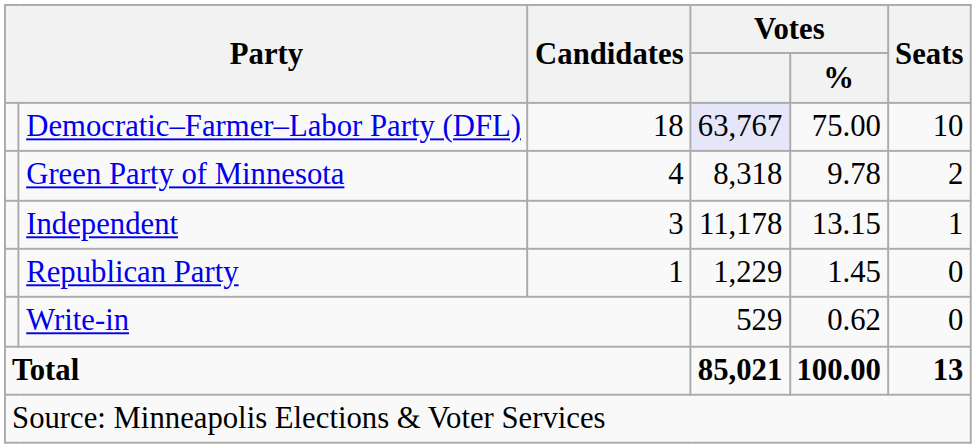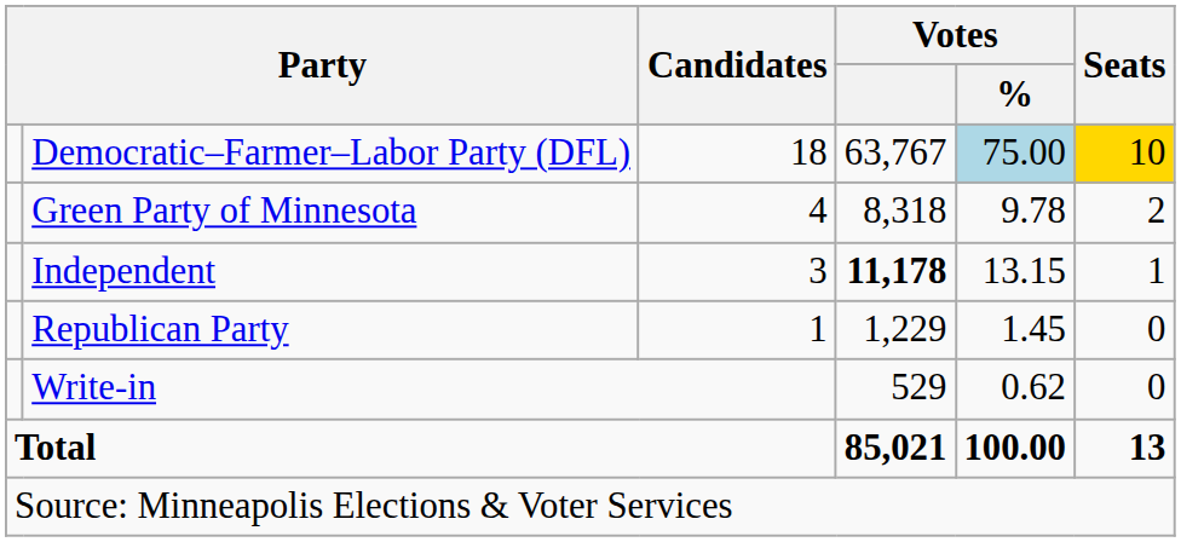 <table class="wikitable">
 <tr>
 <th colspan="2" rowspan="2">Party</th>
 <th rowspan="2">Candidates</th>
 <th colspan="2">Votes</th>
 <th rowspan="2">Seats</th>
 </tr>
 <tr>
 <th></th>
 <th>%</th>
 </tr>
 <tr>
 <td style="background-color:"></td>
 <td><a href='#'>Democratic–Farmer–Labor Party (DFL)</a></td>
 <td align="right">18</td>
-<td align="right" style="background: lavender;">63,767</td>
-<td align="right">75.00</td>
-<td align="right">10</td>
+<td align="right">63,767</td>
+<td align="right" style="background: lightblue;">75.00</td>
+<td align="right" style="background: gold;">10</td>
 </tr>
 <tr>
 <td style="background-color:"></td>
 <td><a href='#'>Green Party of Minnesota</a></td>
 <td align="right">4</td>
 <td align="right">8,318</td>
 <td align="right">9.78</td>
 <td align="right">2</td>
 </tr>
 <tr>
 <td style="background-color:"></td>
 <td><a href='#'>Independent</a></td>
 <td align="right">3</td>
-<td align="right">11,178</td>
+<td align="right"><strong>11,178</strong></td>
 <td align="right">13.15</td>
 <td align="right">1</td>
 </tr>
 <tr>
 <td style="background-color:"></td>
 <td><a href='#'> Republican Party</a></td>
 <td align="right">1</td>
 <td align="right">1,229</td>
 <td align="right">1.45</td>
 <td align="right">0</td>
 </tr>
 <tr>
 <td style="background-color:"></td>
 <td colspan="2"><a href='#'>Write-in</a></td>
 <td align="right">529</td>
 <td align="right">0.62</td>
 <td align="right">0</td>
 </tr>
 <tr>
 <td colspan="3" align="left"><strong>Total</strong></td>
 <td align="right"><strong>85,021</strong></td>
 <td align="right"><strong>100.00</strong></td>
 <td align="right"><strong>13</strong></td>
 </tr>
 <tr>
 <td colspan="6">Source: Minneapolis Elections & Voter Services</td>
 </tr>
 </table>
